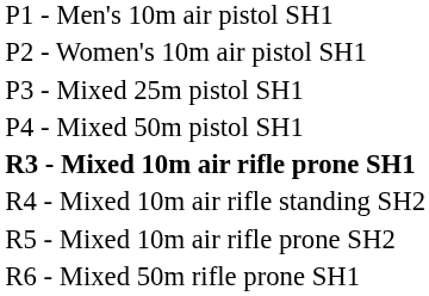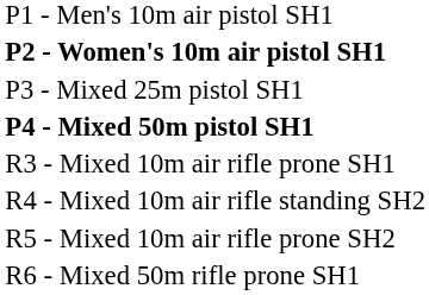 <table>
 <tr>
 <td>P1 - Men's 10m air pistol SH1<br></td>
 <td></td>
 <td></td>
 <td></td>
 </tr>
 <tr>
-<td>P2 - Women's 10m air pistol SH1<br></td>
+<td><strong>P2 - Women's 10m air pistol SH1<br></strong></td>
 <td></td>
 <td></td>
 <td></td>
 </tr>
 <tr>
 <td>P3 - Mixed 25m pistol SH1<br></td>
 <td></td>
 <td></td>
 <td></td>
 </tr>
 <tr>
-<td>P4 - Mixed 50m pistol SH1<br></td>
+<td><strong>P4 - Mixed 50m pistol SH1<br></strong></td>
 <td></td>
 <td></td>
 <td></td>
 </tr>
 <tr>
-<td><strong>R3 - Mixed 10m air rifle prone SH1<br></strong></td>
+<td>R3 - Mixed 10m air rifle prone SH1<br></td>
 <td></td>
 <td></td>
 <td></td>
 </tr>
 <tr>
 <td>R4 - Mixed 10m air rifle standing SH2<br></td>
 <td></td>
 <td></td>
 <td></td>
 </tr>
 <tr>
 <td>R5 - Mixed 10m air rifle prone SH2<br></td>
 <td></td>
 <td></td>
 <td></td>
 </tr>
 <tr>
 <td>R6 - Mixed 50m rifle prone SH1<br></td>
 <td></td>
 <td></td>
 <td></td>
 </tr>
 </table>
